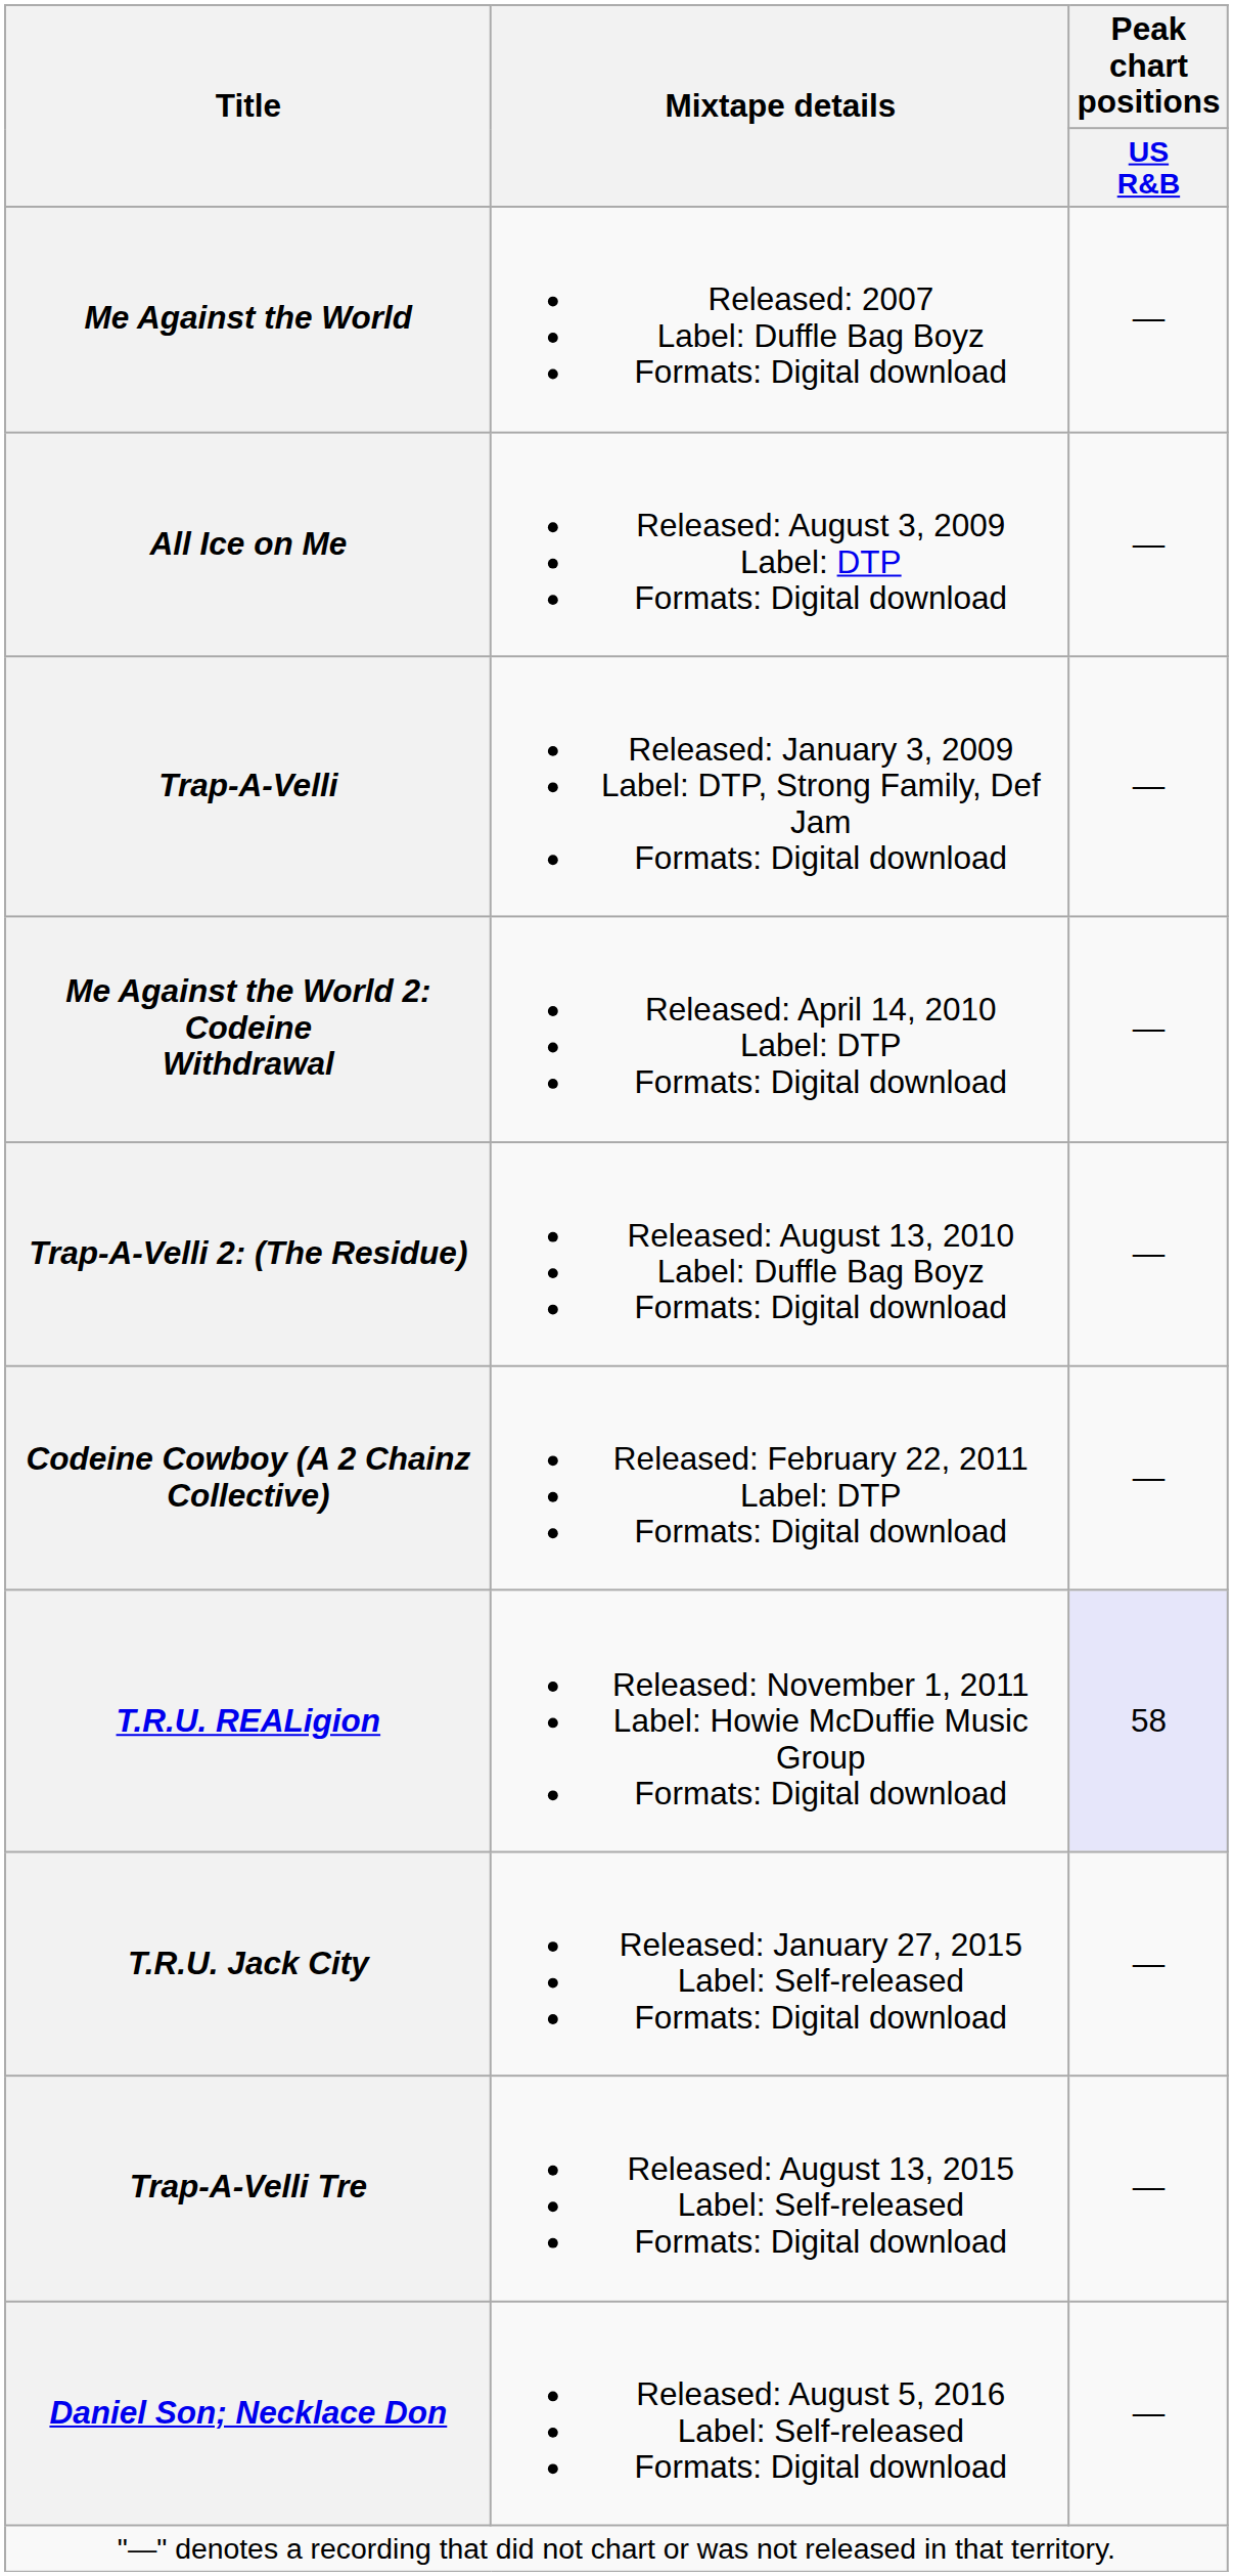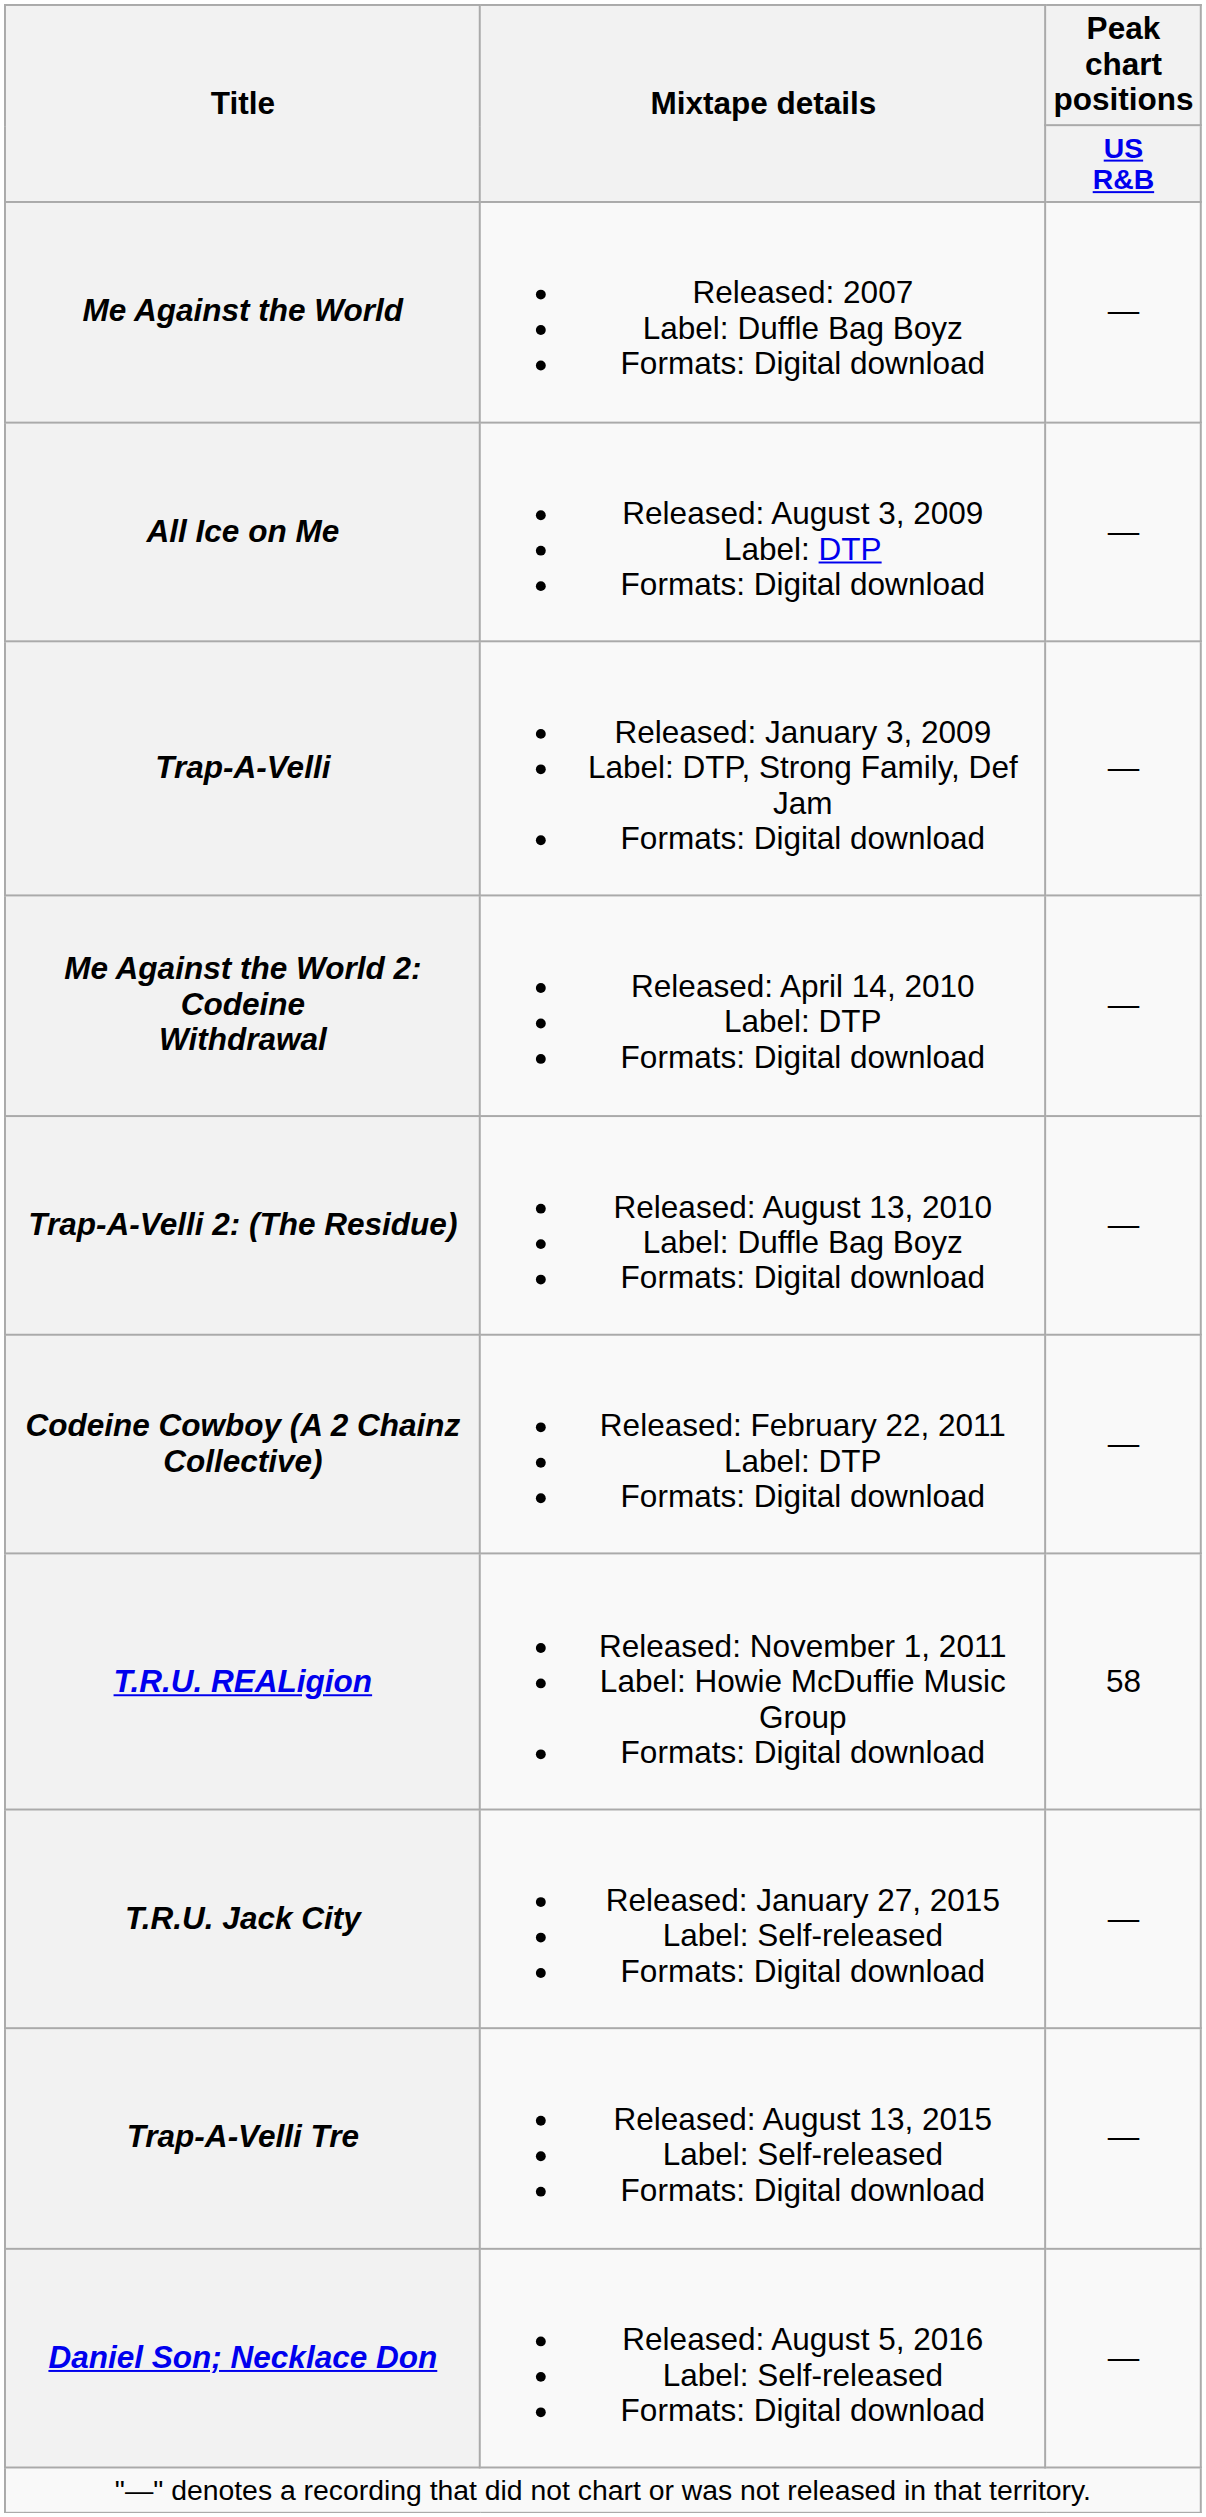 <table class="wikitable plainrowheaders" style="text-align:center;">
 <tr>
 <th scope="col" rowspan="2" style="width:16em;">Title</th>
 <th scope="col" rowspan="2" style="width:19em;">Mixtape details</th>
 <th scope="col">Peak chart positions</th>
 </tr>
 <tr>
 <th scope="col" style="width:2.9em;font-size:90%;"><a href='#'>US<br>R&B</a><br></th>
 </tr>
 <tr>
 <th scope="row"><em>Me Against the World</em></th>
 <td><br><ul><li>Released: 2007</li><li>Label: Duffle Bag Boyz</li><li>Formats: Digital download</li></ul></td>
 <td>—</td>
 </tr>
 <tr>
 <th scope="row"><em>All Ice on Me</em></th>
 <td><br><ul><li>Released: August 3, 2009</li><li>Label: <a href='#'>DTP</a></li><li>Formats: Digital download</li></ul></td>
 <td>—</td>
 </tr>
 <tr>
 <th scope="row"><em>Trap-A-Velli</em></th>
 <td><br><ul><li>Released: January 3, 2009</li><li>Label: DTP, Strong Family, Def Jam</li><li>Formats: Digital download</li></ul></td>
 <td>—</td>
 </tr>
 <tr>
 <th scope="row"><em>Me Against the World 2: Codeine<br>Withdrawal</em></th>
 <td><br><ul><li>Released: April 14, 2010</li><li>Label: DTP</li><li>Formats: Digital download</li></ul></td>
 <td>—</td>
 </tr>
 <tr>
 <th scope="row"><em>Trap-A-Velli 2: (The Residue)</em></th>
 <td><br><ul><li>Released: August 13, 2010</li><li>Label: Duffle Bag Boyz</li><li>Formats: Digital download</li></ul></td>
 <td>—</td>
 </tr>
 <tr>
 <th scope="row"><em>Codeine Cowboy (A 2 Chainz<br>Collective)</em></th>
 <td><br><ul><li>Released: February 22, 2011</li><li>Label: DTP</li><li>Formats: Digital download</li></ul></td>
 <td>—</td>
 </tr>
 <tr>
 <th scope="row"><em><a href='#'>T.R.U. REALigion</a></em></th>
 <td><br><ul><li>Released: November 1, 2011</li><li>Label: Howie McDuffie Music Group</li><li>Formats: Digital download</li></ul></td>
-<td style="background: lavender;">58</td>
+<td>58</td>
 </tr>
 <tr>
 <th scope="row"><em>T.R.U. Jack City</em> </th>
 <td><br><ul><li>Released: January 27, 2015</li><li>Label: Self-released</li><li>Formats: Digital download</li></ul></td>
 <td>—</td>
 </tr>
 <tr>
 <th scope="row"><em>Trap-A-Velli Tre</em></th>
 <td><br><ul><li>Released: August 13, 2015</li><li>Label: Self-released</li><li>Formats: Digital download</li></ul></td>
 <td>—</td>
 </tr>
 <tr>
 <th scope="row"><em><a href='#'>Daniel Son; Necklace Don</a></em></th>
 <td><br><ul><li>Released: August 5, 2016</li><li>Label: Self-released</li><li>Formats: Digital download</li></ul></td>
 <td>—</td>
 </tr>
 <tr>
 <td colspan="3" style="font-size:90%">"—" denotes a recording that did not chart or was not released in that territory.</td>
 </tr>
 </table>
